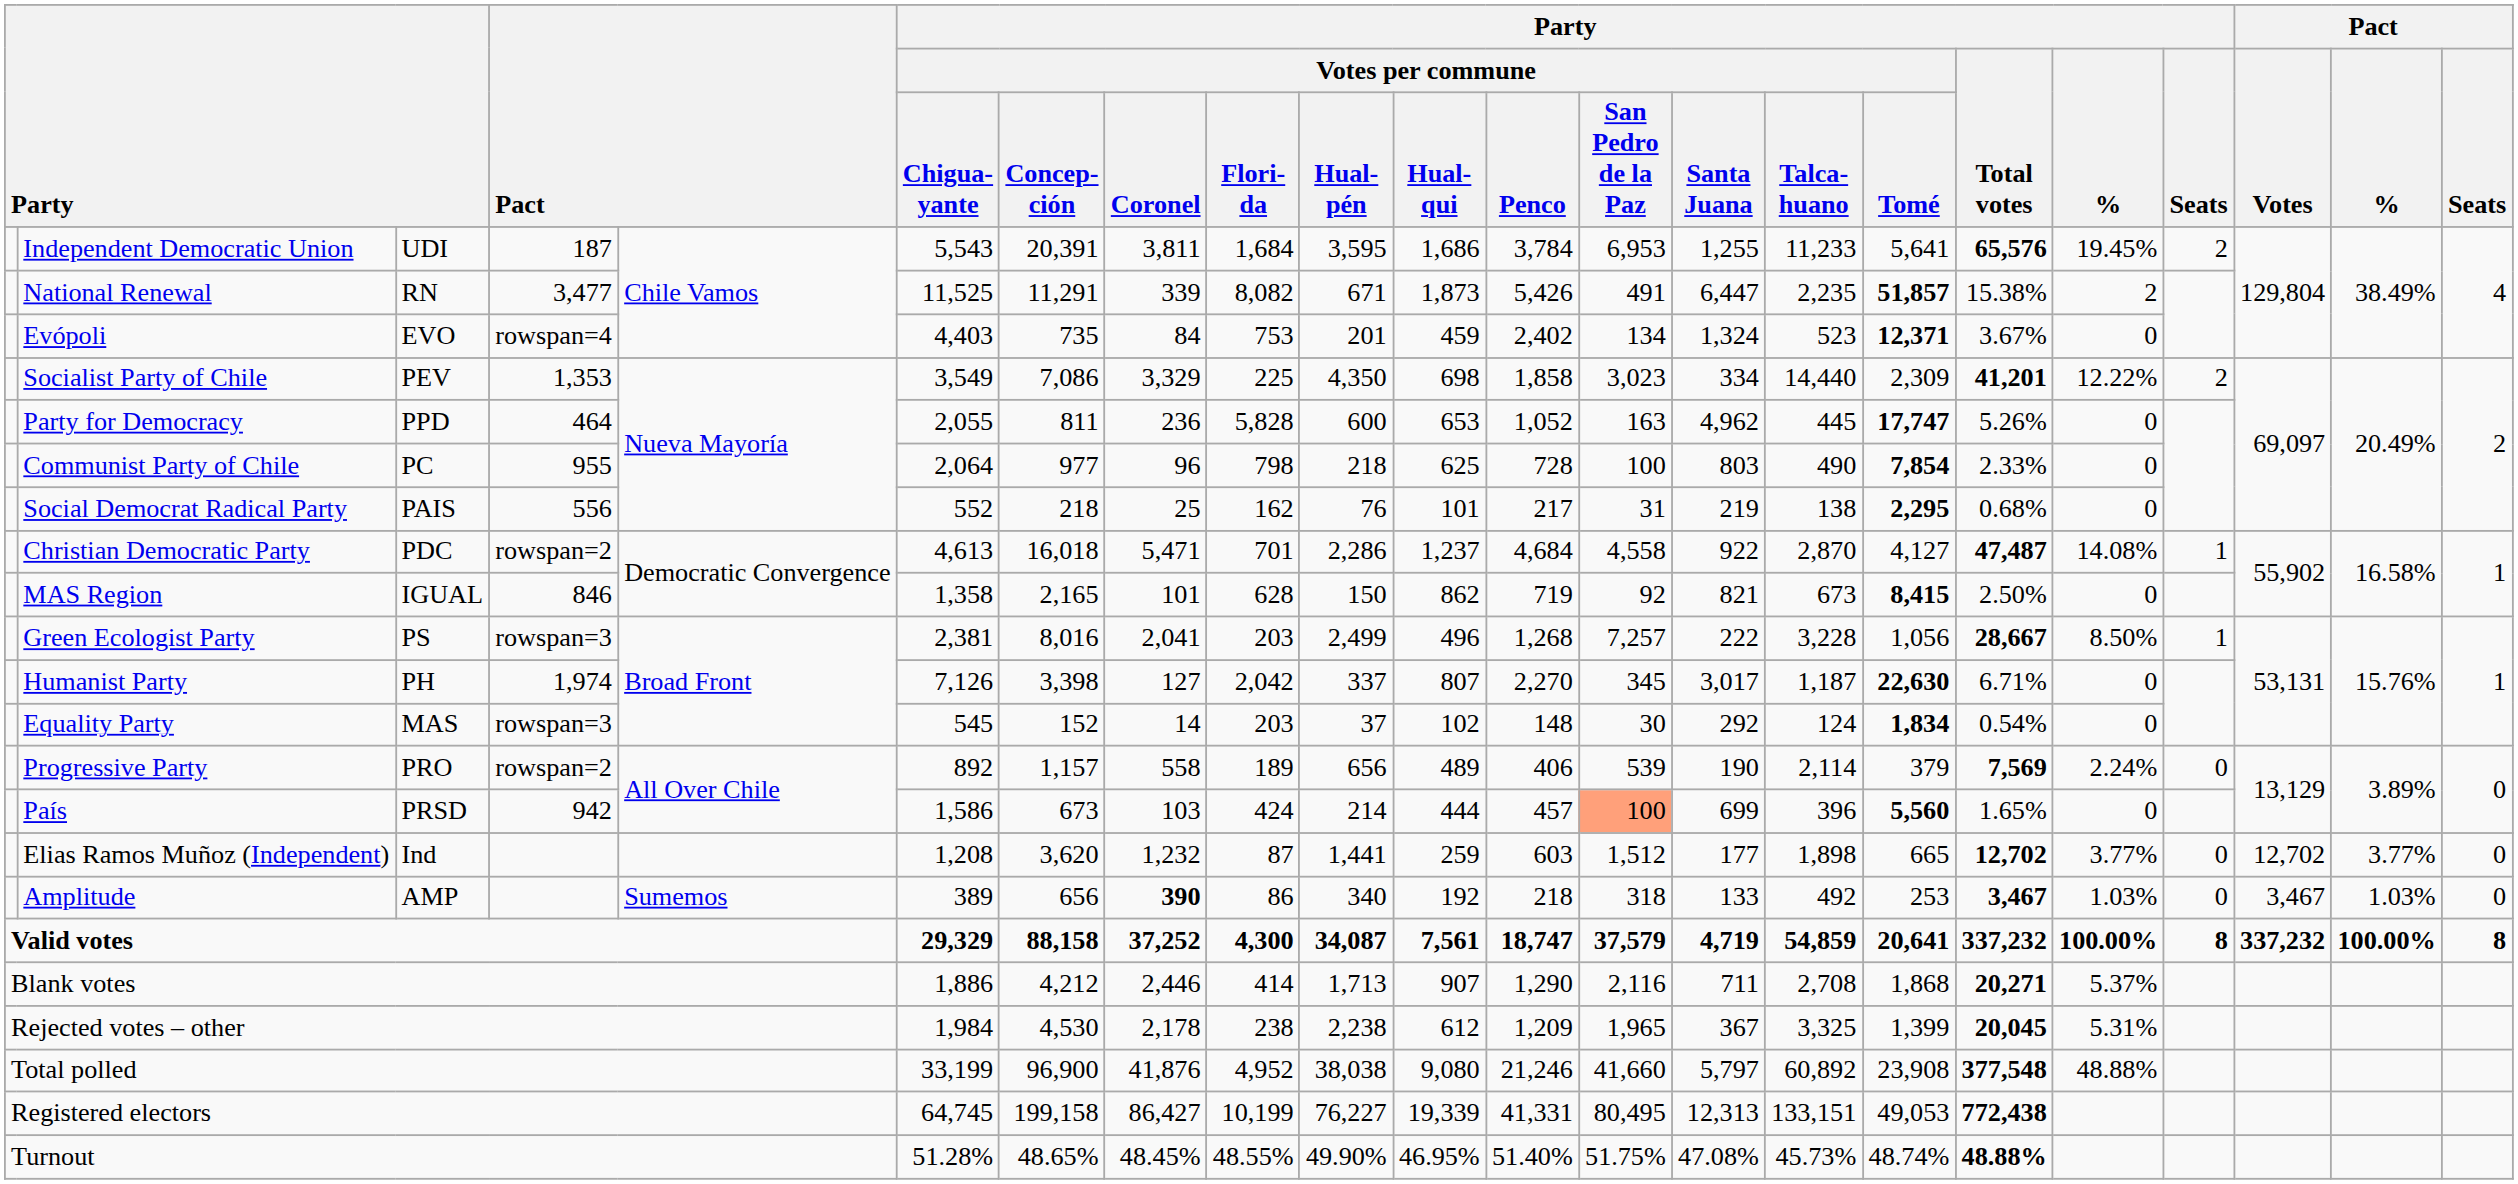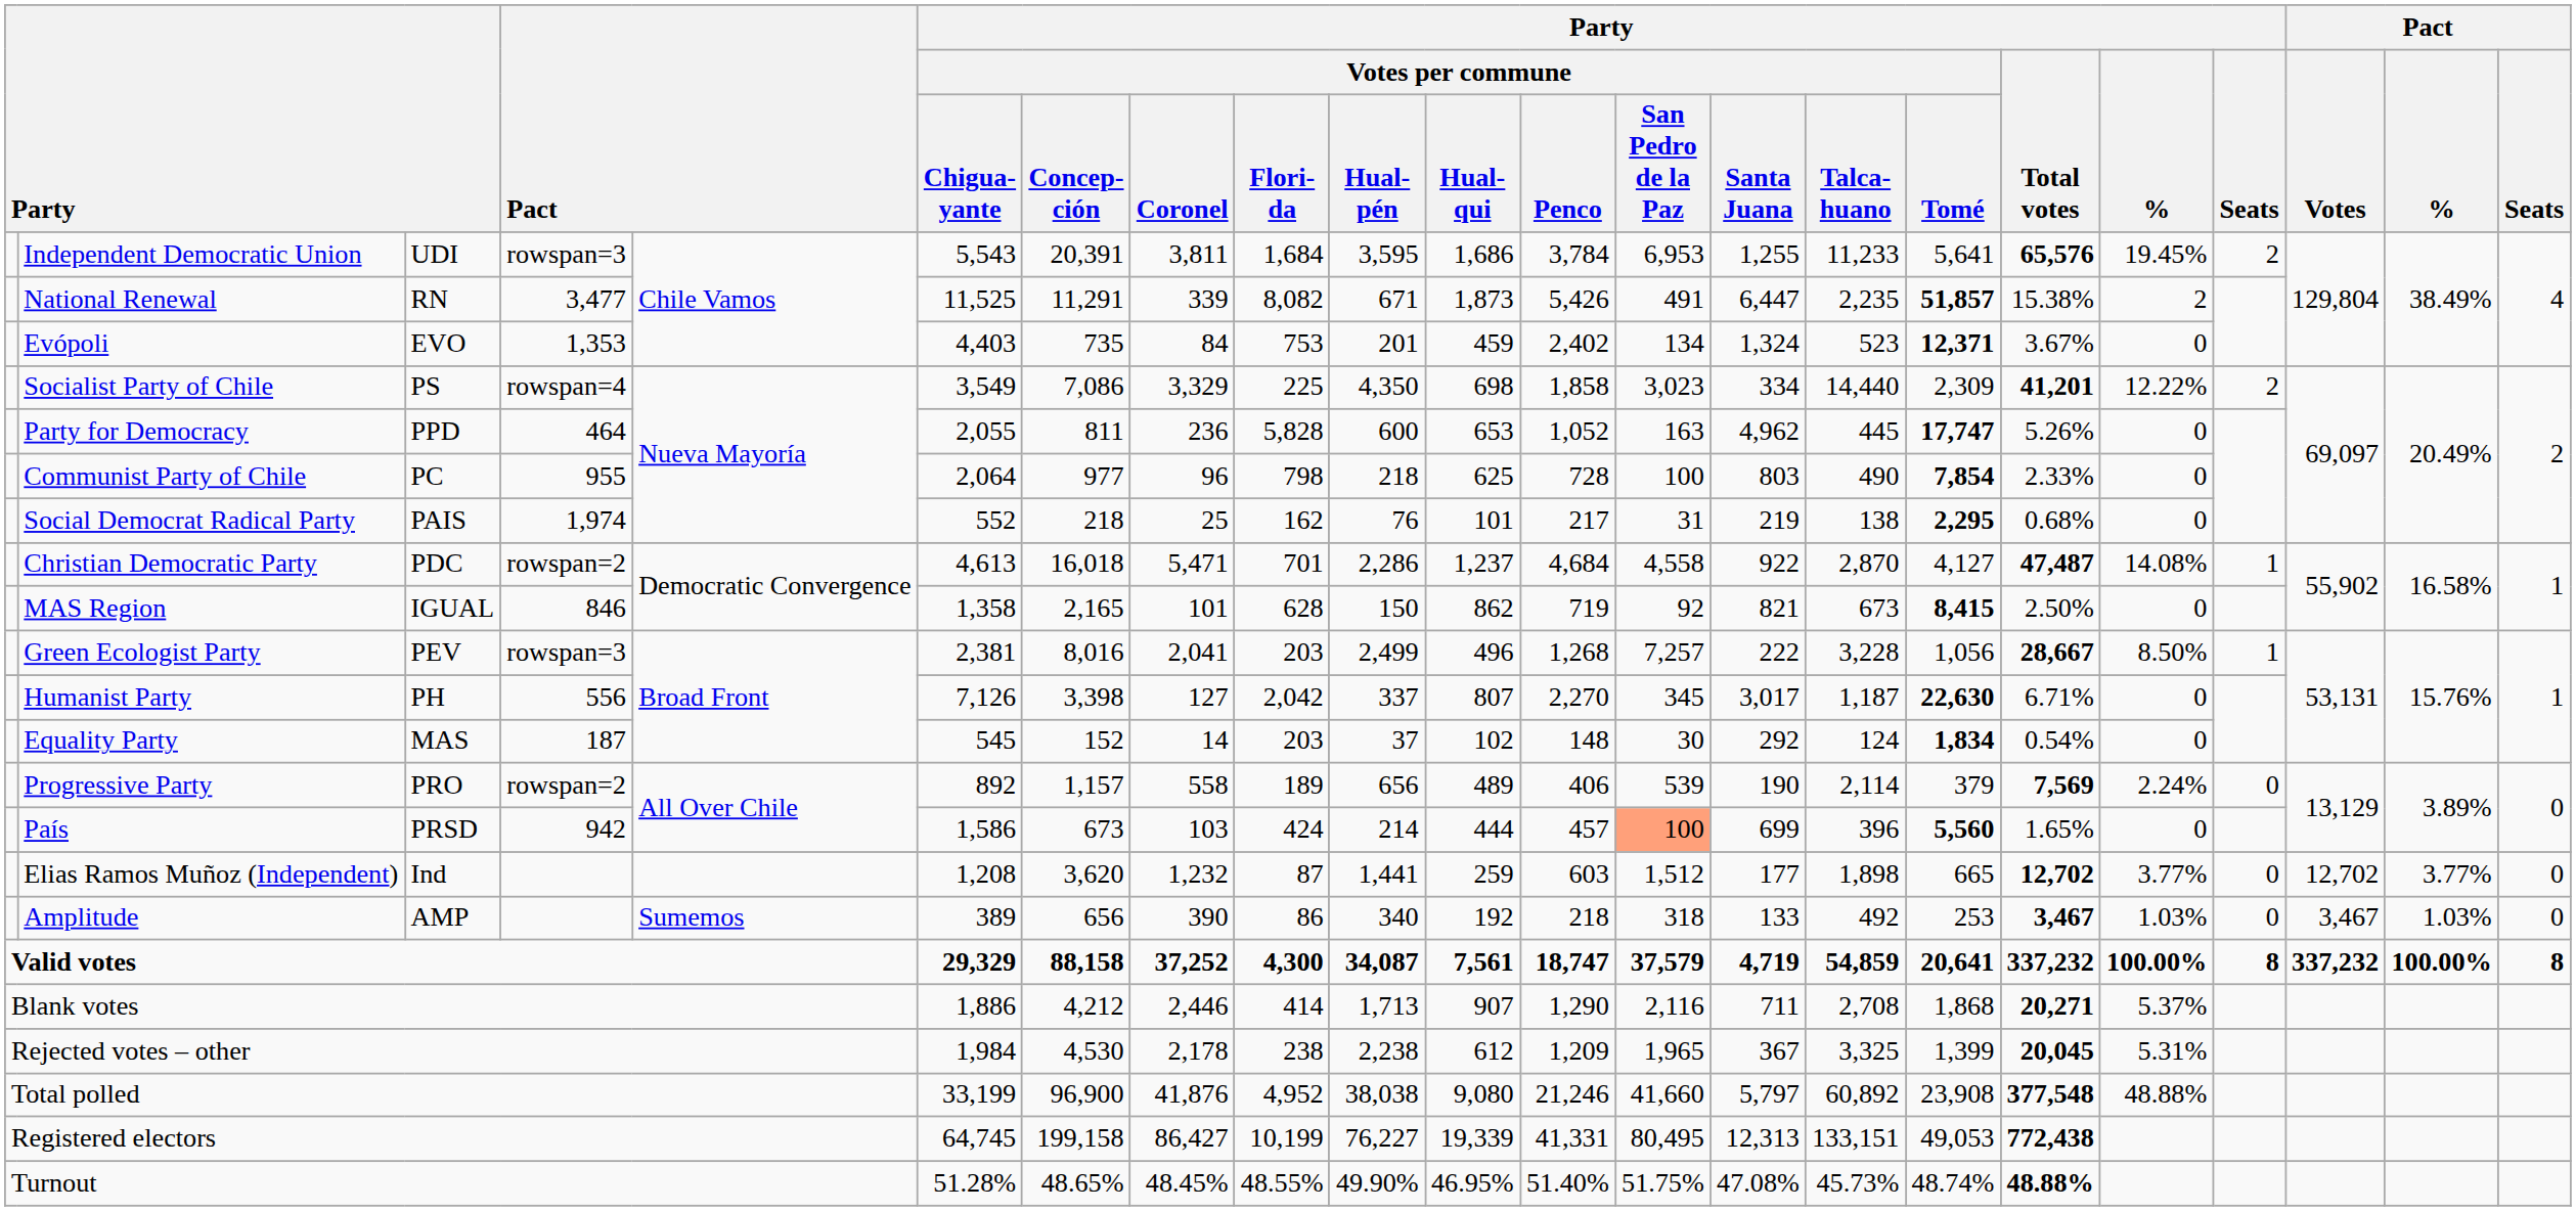 <table class="wikitable" border="1" style="font-size:90%; text-align:right; white-space: nowrap;">
 <tr>
 <th style="text-align:left;" valign=bottom rowspan=3 colspan=3>Party</th>
 <th style="text-align:left;" valign=bottom rowspan=3 colspan=2>Pact</th>
 <th colspan=14>Party</th>
 <th colspan=3>Pact</th>
 </tr>
 <tr>
 <th colspan=11>Votes per commune</th>
 <th align=center valign=bottom rowspan=2 width="40">Total<br>votes</th>
 <th align=center valign=bottom rowspan=2 width="40">%</th>
 <th align=center valign=bottom rowspan=2>Seats</th>
 <th align=center valign=bottom rowspan=2 width="40">Votes</th>
 <th align=center valign=bottom rowspan=2 width="40">%</th>
 <th align=center valign=bottom rowspan=2>Seats</th>
 </tr>
 <tr>
 <th align=center valign=bottom width="40"><a href='#'>Chigua-<br>yante</a></th>
 <th align=center valign=bottom width="40"><a href='#'>Concep-<br>ción</a></th>
 <th align=center valign=bottom width="40"><a href='#'>Coronel</a></th>
 <th align=center valign=bottom width="40"><a href='#'>Flori-<br>da</a></th>
 <th align=center valign=bottom width="40"><a href='#'>Hual-<br>pén</a></th>
 <th align=center valign=bottom width="40"><a href='#'>Hual-<br>qui</a></th>
 <th align=center valign=bottom width="40"><a href='#'>Penco</a></th>
 <th align=center valign=bottom width="40"><a href='#'>San<br>Pedro<br>de la<br>Paz</a></th>
 <th align=center valign=bottom width="40"><a href='#'>Santa<br>Juana</a></th>
 <th align=center valign=bottom width="40"><a href='#'>Talca-<br>huano</a></th>
 <th align=center valign=bottom width="40"><a href='#'>Tomé</a></th>
 </tr>
 <tr>
 <td></td>
 <td align=left><a href='#'>Independent Democratic Union</a></td>
 <td align=left>UDI</td>
-<td>187</td>
+<td>rowspan=3 </td>
 <td rowspan=3 align=left><a href='#'>Chile Vamos</a></td>
 <td>5,543</td>
 <td>20,391</td>
 <td>3,811</td>
 <td>1,684</td>
 <td>3,595</td>
 <td>1,686</td>
 <td>3,784</td>
 <td>6,953</td>
 <td>1,255</td>
 <td>11,233</td>
 <td>5,641</td>
 <td><strong>65,576</strong></td>
 <td>19.45%</td>
 <td>2</td>
 <td rowspan=3>129,804</td>
 <td rowspan=3>38.49%</td>
 <td rowspan=3>4</td>
 </tr>
 <tr>
 <td></td>
 <td align=left><a href='#'>National Renewal</a></td>
 <td align=left>RN</td>
 <td>3,477</td>
 <td>11,525</td>
 <td>11,291</td>
 <td>339</td>
 <td>8,082</td>
 <td>671</td>
 <td>1,873</td>
 <td>5,426</td>
 <td>491</td>
 <td>6,447</td>
 <td>2,235</td>
 <td><strong>51,857</strong></td>
 <td>15.38%</td>
 <td>2</td>
 </tr>
 <tr>
 <td></td>
 <td align=left><a href='#'>Evópoli</a></td>
 <td align=left>EVO</td>
-<td>rowspan=4 </td>
+<td>1,353</td>
 <td>4,403</td>
 <td>735</td>
 <td>84</td>
 <td>753</td>
 <td>201</td>
 <td>459</td>
 <td>2,402</td>
 <td>134</td>
 <td>1,324</td>
 <td>523</td>
 <td><strong>12,371</strong></td>
 <td>3.67%</td>
 <td>0</td>
 </tr>
 <tr>
 <td></td>
 <td align=left><a href='#'>Socialist Party of Chile</a></td>
-<td align=left>PEV</td>
-<td>1,353</td>
+<td align=left>PS</td>
+<td>rowspan=4 </td>
 <td rowspan=4 align=left><a href='#'>Nueva Mayoría</a></td>
 <td>3,549</td>
 <td>7,086</td>
 <td>3,329</td>
 <td>225</td>
 <td>4,350</td>
 <td>698</td>
 <td>1,858</td>
 <td>3,023</td>
 <td>334</td>
 <td>14,440</td>
 <td>2,309</td>
 <td><strong>41,201</strong></td>
 <td>12.22%</td>
 <td>2</td>
 <td rowspan=4>69,097</td>
 <td rowspan=4>20.49%</td>
 <td rowspan=4>2</td>
 </tr>
 <tr>
 <td></td>
 <td align=left><a href='#'>Party for Democracy</a></td>
 <td align=left>PPD</td>
 <td>464</td>
 <td>2,055</td>
 <td>811</td>
 <td>236</td>
 <td>5,828</td>
 <td>600</td>
 <td>653</td>
 <td>1,052</td>
 <td>163</td>
 <td>4,962</td>
 <td>445</td>
 <td><strong>17,747</strong></td>
 <td>5.26%</td>
 <td>0</td>
 </tr>
 <tr>
 <td></td>
 <td align=left><a href='#'>Communist Party of Chile</a></td>
 <td align=left>PC</td>
 <td>955</td>
 <td>2,064</td>
 <td>977</td>
 <td>96</td>
 <td>798</td>
 <td>218</td>
 <td>625</td>
 <td>728</td>
 <td>100</td>
 <td>803</td>
 <td>490</td>
 <td><strong>7,854</strong></td>
 <td>2.33%</td>
 <td>0</td>
 </tr>
 <tr>
 <td></td>
 <td align=left><a href='#'>Social Democrat Radical Party</a></td>
 <td align=left>PAIS</td>
-<td>556</td>
+<td>1,974</td>
 <td>552</td>
 <td>218</td>
 <td>25</td>
 <td>162</td>
 <td>76</td>
 <td>101</td>
 <td>217</td>
 <td>31</td>
 <td>219</td>
 <td>138</td>
 <td><strong>2,295</strong></td>
 <td>0.68%</td>
 <td>0</td>
 </tr>
 <tr>
 <td></td>
 <td align=left><a href='#'>Christian Democratic Party</a></td>
 <td align=left>PDC</td>
 <td>rowspan=2 </td>
 <td rowspan=2 align=left>Democratic Convergence</td>
 <td>4,613</td>
 <td>16,018</td>
 <td>5,471</td>
 <td>701</td>
 <td>2,286</td>
 <td>1,237</td>
 <td>4,684</td>
 <td>4,558</td>
 <td>922</td>
 <td>2,870</td>
 <td>4,127</td>
 <td><strong>47,487</strong></td>
 <td>14.08%</td>
 <td>1</td>
 <td rowspan=2>55,902</td>
 <td rowspan=2>16.58%</td>
 <td rowspan=2>1</td>
 </tr>
 <tr>
 <td></td>
 <td align=left><a href='#'>MAS Region</a></td>
 <td align=left>IGUAL</td>
 <td>846</td>
 <td>1,358</td>
 <td>2,165</td>
 <td>101</td>
 <td>628</td>
 <td>150</td>
 <td>862</td>
 <td>719</td>
 <td>92</td>
 <td>821</td>
 <td>673</td>
 <td><strong>8,415</strong></td>
 <td>2.50%</td>
 <td>0</td>
 </tr>
 <tr>
 <td></td>
 <td align=left><a href='#'>Green Ecologist Party</a></td>
-<td align=left>PS</td>
+<td align=left>PEV</td>
 <td>rowspan=3 </td>
 <td rowspan=3 align=left><a href='#'>Broad Front</a></td>
 <td>2,381</td>
 <td>8,016</td>
 <td>2,041</td>
 <td>203</td>
 <td>2,499</td>
 <td>496</td>
 <td>1,268</td>
 <td>7,257</td>
 <td>222</td>
 <td>3,228</td>
 <td>1,056</td>
 <td><strong>28,667</strong></td>
 <td>8.50%</td>
 <td>1</td>
 <td rowspan=3>53,131</td>
 <td rowspan=3>15.76%</td>
 <td rowspan=3>1</td>
 </tr>
 <tr>
 <td></td>
 <td align=left><a href='#'>Humanist Party</a></td>
 <td align=left>PH</td>
-<td>1,974</td>
+<td>556</td>
 <td>7,126</td>
 <td>3,398</td>
 <td>127</td>
 <td>2,042</td>
 <td>337</td>
 <td>807</td>
 <td>2,270</td>
 <td>345</td>
 <td>3,017</td>
 <td>1,187</td>
 <td><strong>22,630</strong></td>
 <td>6.71%</td>
 <td>0</td>
 </tr>
 <tr>
 <td></td>
 <td align=left><a href='#'>Equality Party</a></td>
 <td align=left>MAS</td>
-<td>rowspan=3 </td>
+<td>187</td>
 <td>545</td>
 <td>152</td>
 <td>14</td>
 <td>203</td>
 <td>37</td>
 <td>102</td>
 <td>148</td>
 <td>30</td>
 <td>292</td>
 <td>124</td>
 <td><strong>1,834</strong></td>
 <td>0.54%</td>
 <td>0</td>
 </tr>
 <tr>
 <td></td>
 <td align=left><a href='#'>Progressive Party</a></td>
 <td align=left>PRO</td>
 <td>rowspan=2 </td>
 <td rowspan=2 align=left><a href='#'>All Over Chile</a></td>
 <td>892</td>
 <td>1,157</td>
 <td>558</td>
 <td>189</td>
 <td>656</td>
 <td>489</td>
 <td>406</td>
 <td>539</td>
 <td>190</td>
 <td>2,114</td>
 <td>379</td>
 <td><strong>7,569</strong></td>
 <td>2.24%</td>
 <td>0</td>
 <td rowspan=2>13,129</td>
 <td rowspan=2>3.89%</td>
 <td rowspan=2>0</td>
 </tr>
 <tr>
 <td></td>
 <td align=left><a href='#'>País</a></td>
 <td align=left>PRSD</td>
 <td>942</td>
 <td>1,586</td>
 <td>673</td>
 <td>103</td>
 <td>424</td>
 <td>214</td>
 <td>444</td>
 <td>457</td>
 <td style="background: lightsalmon;">100</td>
 <td>699</td>
 <td>396</td>
 <td><strong>5,560</strong></td>
 <td>1.65%</td>
 <td>0</td>
 </tr>
 <tr>
 <td></td>
 <td align=left>Elias Ramos Muñoz (<a href='#'>Independent</a>)</td>
 <td align=left>Ind</td>
 <td></td>
 <td></td>
 <td>1,208</td>
 <td>3,620</td>
 <td>1,232</td>
 <td>87</td>
 <td>1,441</td>
 <td>259</td>
 <td>603</td>
 <td>1,512</td>
 <td>177</td>
 <td>1,898</td>
 <td>665</td>
 <td><strong>12,702</strong></td>
 <td>3.77%</td>
 <td>0</td>
 <td>12,702</td>
 <td>3.77%</td>
 <td>0</td>
 </tr>
 <tr>
 <td></td>
 <td align=left><a href='#'>Amplitude</a></td>
 <td align=left>AMP</td>
 <td></td>
 <td align=left><a href='#'>Sumemos</a></td>
 <td>389</td>
 <td>656</td>
-<td><strong>390</strong></td>
+<td>390</td>
 <td>86</td>
 <td>340</td>
 <td>192</td>
 <td>218</td>
 <td>318</td>
 <td>133</td>
 <td>492</td>
 <td>253</td>
 <td><strong>3,467</strong></td>
 <td>1.03%</td>
 <td>0</td>
 <td>3,467</td>
 <td>1.03%</td>
 <td>0</td>
 </tr>
 <tr style="font-weight:bold">
 <td align=left colspan=5>Valid votes</td>
 <td>29,329</td>
 <td>88,158</td>
 <td>37,252</td>
 <td>4,300</td>
 <td>34,087</td>
 <td>7,561</td>
 <td>18,747</td>
 <td>37,579</td>
 <td>4,719</td>
 <td>54,859</td>
 <td>20,641</td>
 <td>337,232</td>
 <td>100.00%</td>
 <td>8</td>
 <td>337,232</td>
 <td>100.00%</td>
 <td>8</td>
 </tr>
 <tr>
 <td align=left colspan=5>Blank votes</td>
 <td>1,886</td>
 <td>4,212</td>
 <td>2,446</td>
 <td>414</td>
 <td>1,713</td>
 <td>907</td>
 <td>1,290</td>
 <td>2,116</td>
 <td>711</td>
 <td>2,708</td>
 <td>1,868</td>
 <td><strong>20,271</strong></td>
 <td>5.37%</td>
 <td></td>
 <td></td>
 <td></td>
 <td></td>
 </tr>
 <tr>
 <td align=left colspan=5>Rejected votes – other</td>
 <td>1,984</td>
 <td>4,530</td>
 <td>2,178</td>
 <td>238</td>
 <td>2,238</td>
 <td>612</td>
 <td>1,209</td>
 <td>1,965</td>
 <td>367</td>
 <td>3,325</td>
 <td>1,399</td>
 <td><strong>20,045</strong></td>
 <td>5.31%</td>
 <td></td>
 <td></td>
 <td></td>
 <td></td>
 </tr>
 <tr>
 <td align=left colspan=5>Total polled</td>
 <td>33,199</td>
 <td>96,900</td>
 <td>41,876</td>
 <td>4,952</td>
 <td>38,038</td>
 <td>9,080</td>
 <td>21,246</td>
 <td>41,660</td>
 <td>5,797</td>
 <td>60,892</td>
 <td>23,908</td>
 <td><strong>377,548</strong></td>
 <td>48.88%</td>
 <td></td>
 <td></td>
 <td></td>
 <td></td>
 </tr>
 <tr>
 <td align=left colspan=5>Registered electors</td>
 <td>64,745</td>
 <td>199,158</td>
 <td>86,427</td>
 <td>10,199</td>
 <td>76,227</td>
 <td>19,339</td>
 <td>41,331</td>
 <td>80,495</td>
 <td>12,313</td>
 <td>133,151</td>
 <td>49,053</td>
 <td><strong>772,438</strong></td>
 <td></td>
 <td></td>
 <td></td>
 <td></td>
 <td></td>
 </tr>
 <tr>
 <td align=left colspan=5>Turnout</td>
 <td>51.28%</td>
 <td>48.65%</td>
 <td>48.45%</td>
 <td>48.55%</td>
 <td>49.90%</td>
 <td>46.95%</td>
 <td>51.40%</td>
 <td>51.75%</td>
 <td>47.08%</td>
 <td>45.73%</td>
 <td>48.74%</td>
 <td><strong>48.88%</strong></td>
 <td></td>
 <td></td>
 <td></td>
 <td></td>
 <td></td>
 </tr>
 </table>
